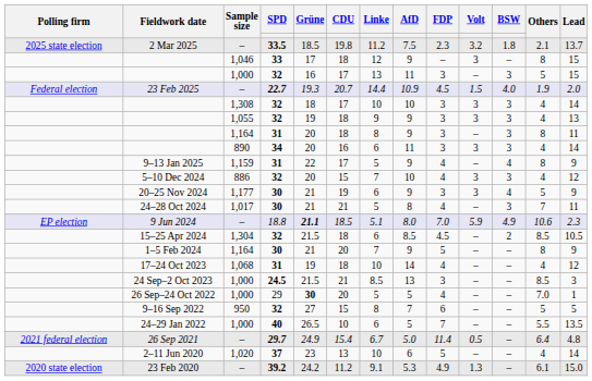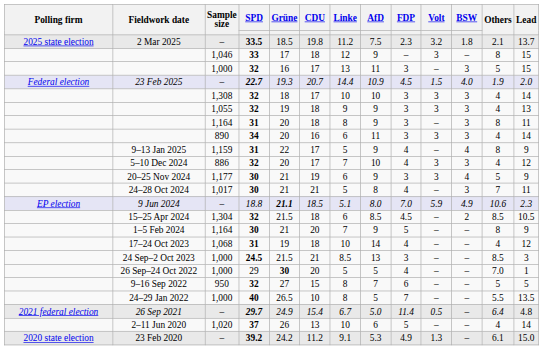 <table class="wikitable sortable" style="text-align:center;font-size:90%;line-height:14px;">
 <tr style="height:40px;">
 <th style="width:160px;" rowspan="2">Polling firm</th>
 <th style="width:135px;" rowspan="2">Fieldwork date</th>
 <th style="width:35px;" rowspan="2">Sample<br>size</th>
 <th class="unsortable" style="width:40px;"><a href='#'>SPD</a></th>
 <th class="unsortable" style="width:40px;"><a href='#'>Grüne</a></th>
 <th class="unsortable" style="width:40px;"><a href='#'>CDU</a></th>
 <th class="unsortable" style="width:40px;"><a href='#'>Linke</a></th>
 <th class="unsortable" style="width:40px;"><a href='#'>AfD</a></th>
 <th class="unsortable" style="width:40px;"><a href='#'>FDP</a></th>
 <th class="unsortable" style="width:40px;"><a href='#'>Volt</a></th>
 <th class="unsortable" style="width:40px;"><a href='#'>BSW</a></th>
 <th class="unsortable" style="width:40px;" rowspan="2">Others</th>
 <th style="width:30px;" rowspan="2">Lead</th>
 </tr>
 <tr>
 <th style="background:"></th>
 <th style="background:"></th>
 <th style="background:"></th>
 <th style="background:"></th>
 <th style="background:"></th>
 <th style="background:"></th>
 <th style="background:"></th>
 <th style="background:"></th>
 </tr>
 <tr style="background:#E9E9E9;">
 <td><a href='#'>2025 state election</a></td>
 <td data-sort-value="2025-03-02">2 Mar 2025</td>
 <td>–</td>
 <td><strong>33.5</strong></td>
 <td>18.5</td>
 <td>19.8</td>
 <td>11.2</td>
 <td>7.5</td>
 <td>2.3</td>
 <td>3.2</td>
 <td>1.8</td>
 <td>2.1</td>
 <td style="background:">13.7</td>
 </tr>
 <tr>
 <td></td>
 <td></td>
 <td>1,046</td>
 <td><strong>33</strong></td>
 <td>17</td>
 <td>18</td>
 <td>12</td>
 <td>9</td>
 <td>–</td>
 <td>3</td>
 <td>–</td>
 <td>8</td>
 <td style="background:">15</td>
 </tr>
 <tr>
 <td></td>
 <td></td>
 <td>1,000</td>
 <td><strong>32</strong></td>
 <td>16</td>
 <td>17</td>
 <td>13</td>
 <td>11</td>
 <td>3</td>
 <td>–</td>
 <td>3</td>
 <td>5</td>
 <td style="background:">15</td>
 </tr>
 <tr style="background:#E5E5F5;font-style:italic;">
 <td><a href='#'>Federal election</a></td>
 <td data-sort-value="2025-02-23">23 Feb 2025</td>
 <td>–</td>
 <td><strong>22.7</strong></td>
 <td>19.3</td>
 <td>20.7</td>
 <td>14.4</td>
 <td>10.9</td>
 <td>4.5</td>
 <td>1.5</td>
 <td>4.0</td>
 <td>1.9</td>
 <td style="background:">2.0</td>
 </tr>
 <tr>
 <td></td>
 <td></td>
 <td>1,308</td>
 <td><strong>32</strong></td>
 <td>18</td>
 <td>17</td>
 <td>10</td>
 <td>10</td>
 <td>3</td>
 <td>3</td>
 <td>3</td>
 <td>4</td>
 <td style="background:">14</td>
 </tr>
 <tr>
 <td></td>
 <td></td>
 <td>1,055</td>
 <td><strong>32</strong></td>
 <td>19</td>
 <td>18</td>
 <td>9</td>
 <td>9</td>
 <td>3</td>
 <td>3</td>
 <td>3</td>
 <td>4</td>
 <td style="background:">13</td>
 </tr>
 <tr>
 <td></td>
 <td></td>
 <td>1,164</td>
 <td><strong>31</strong></td>
 <td>20</td>
 <td>18</td>
 <td>8</td>
 <td>9</td>
 <td>3</td>
 <td>–</td>
 <td>3</td>
 <td>8</td>
 <td style="background:">11</td>
 </tr>
 <tr>
 <td></td>
 <td></td>
 <td>890</td>
 <td><strong>34</strong></td>
 <td>20</td>
 <td>16</td>
 <td>6</td>
 <td>11</td>
 <td>3</td>
 <td>3</td>
 <td>3</td>
 <td>4</td>
 <td style="background:">14</td>
 </tr>
 <tr>
 <td></td>
 <td>9–13 Jan 2025</td>
 <td>1,159</td>
 <td><strong>31</strong></td>
 <td>22</td>
 <td>17</td>
 <td>5</td>
 <td>9</td>
 <td>4</td>
 <td>–</td>
 <td>4</td>
 <td>8</td>
 <td style="background:">9</td>
 </tr>
 <tr>
 <td></td>
 <td>5–10 Dec 2024</td>
 <td>886</td>
 <td><strong>32</strong></td>
 <td>20</td>
-<td>15</td>
+<td>17</td>
 <td>7</td>
 <td>10</td>
 <td>4</td>
 <td>3</td>
 <td>3</td>
 <td>4</td>
 <td style="background:">12</td>
 </tr>
 <tr>
 <td></td>
 <td>20–25 Nov 2024</td>
 <td>1,177</td>
 <td><strong>30</strong></td>
 <td>21</td>
 <td>19</td>
 <td>6</td>
 <td>9</td>
 <td>3</td>
 <td>3</td>
 <td>4</td>
 <td>5</td>
 <td style="background:">9</td>
 </tr>
 <tr>
 <td></td>
 <td>24–28 Oct 2024</td>
 <td>1,017</td>
 <td><strong>30</strong></td>
 <td>21</td>
 <td>21</td>
 <td>5</td>
 <td>8</td>
 <td>4</td>
 <td>–</td>
 <td>3</td>
 <td>7</td>
 <td style="background:">11</td>
 </tr>
 <tr style="background:#E5E5F5;font-style:italic;">
 <td><a href='#'>EP election</a></td>
 <td data-sort-value="2024-06-09">9 Jun 2024</td>
 <td>–</td>
 <td>18.8</td>
 <td><strong>21.1</strong></td>
 <td>18.5</td>
 <td>5.1</td>
 <td>8.0</td>
 <td>7.0</td>
 <td>5.9</td>
 <td>4.9</td>
 <td>10.6</td>
 <td style="background:">2.3</td>
 </tr>
 <tr>
 <td></td>
 <td>15–25 Apr 2024</td>
 <td>1,304</td>
 <td><strong>32</strong></td>
 <td>21.5</td>
 <td>18</td>
 <td>6</td>
 <td>8.5</td>
 <td>4.5</td>
 <td>–</td>
 <td>2</td>
 <td>8.5</td>
 <td style="background:">10.5</td>
 </tr>
 <tr>
 <td></td>
 <td>1–5 Feb 2024</td>
 <td>1,164</td>
 <td><strong>30</strong></td>
 <td>21</td>
 <td>20</td>
 <td>7</td>
 <td>9</td>
 <td>5</td>
 <td>–</td>
 <td>–</td>
 <td>8</td>
 <td style="background:">9</td>
 </tr>
 <tr>
 <td></td>
 <td>17–24 Oct 2023</td>
 <td>1,068</td>
 <td><strong>31</strong></td>
 <td>19</td>
 <td>18</td>
 <td>10</td>
 <td>14</td>
 <td>4</td>
 <td>–</td>
 <td>–</td>
 <td>4</td>
 <td style="background:">12</td>
 </tr>
 <tr>
 <td></td>
 <td>24 Sep–2 Oct 2023</td>
 <td>1,000</td>
 <td><strong>24.5</strong></td>
 <td>21.5</td>
 <td>21</td>
 <td>8.5</td>
 <td>13</td>
 <td>3</td>
 <td>–</td>
 <td>–</td>
 <td>8.5</td>
 <td style="background:">3</td>
 </tr>
 <tr>
 <td></td>
 <td data-sort-value="2022-10-26">26 Sep–24 Oct 2022</td>
 <td>1,000</td>
 <td>29</td>
 <td><strong>30</strong></td>
 <td>20</td>
 <td>5</td>
 <td>5</td>
 <td>4</td>
 <td>–</td>
 <td>–</td>
 <td>7.0</td>
 <td style="background:">1</td>
 </tr>
 <tr>
 <td></td>
 <td data-sort-value="2022-09-16">9–16 Sep 2022</td>
 <td>950</td>
 <td><strong>32</strong></td>
 <td>27</td>
 <td>15</td>
 <td>8</td>
 <td>7</td>
 <td>6</td>
 <td>–</td>
 <td>–</td>
 <td>5</td>
 <td style="background:">5</td>
 </tr>
 <tr>
 <td></td>
 <td data-sort-value="2022-01-30">24–29 Jan 2022</td>
 <td>1,000</td>
 <td><strong>40</strong></td>
 <td>26.5</td>
 <td>10</td>
-<td>6</td>
+<td>8</td>
 <td>5</td>
 <td>7</td>
 <td>–</td>
 <td>–</td>
 <td>5.5</td>
 <td style="background:">13.5</td>
 </tr>
 <tr style="background:#E9E9E9;">
 <td><a href='#'><em>2021 federal election</em></a></td>
 <td><em>26 Sep 2021</em></td>
 <td><em>–</em></td>
 <td><strong><em>29.7</em></strong></td>
 <td><em>24.9</em></td>
 <td><em>15.4</em></td>
 <td><em>6.7</em></td>
 <td><em>5.0</em></td>
 <td><em>11.4</em></td>
 <td><em>0.5</em></td>
 <td>–</td>
 <td><em>6.4</em></td>
 <td style="background:">4.8</td>
 </tr>
 <tr>
 <td></td>
 <td data-sort-value="2020-06-11">2–11 Jun 2020</td>
 <td>1,020</td>
 <td><strong>37</strong></td>
-<td>23</td>
+<td>26</td>
 <td>13</td>
 <td>10</td>
 <td>6</td>
 <td>5</td>
 <td>–</td>
 <td>–</td>
 <td>4</td>
 <td style="background:">14</td>
 </tr>
 <tr style="background:#E9E9E9;">
 <td><a href='#'>2020 state election</a></td>
 <td data-sort-value="2020-02-23">23 Feb 2020</td>
 <td>–</td>
 <td><strong>39.2</strong></td>
 <td>24.2</td>
 <td>11.2</td>
 <td>9.1</td>
 <td>5.3</td>
 <td>4.9</td>
 <td>1.3</td>
 <td>–</td>
 <td>6.1</td>
 <td style="background:">15.0</td>
 </tr>
 </table>
